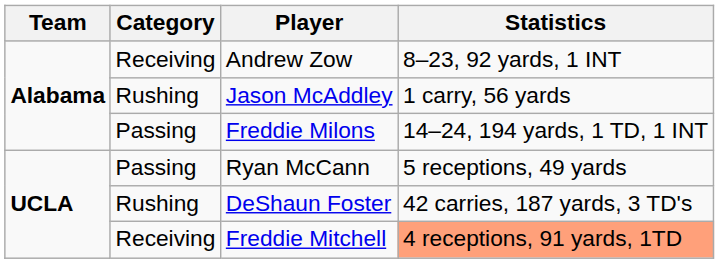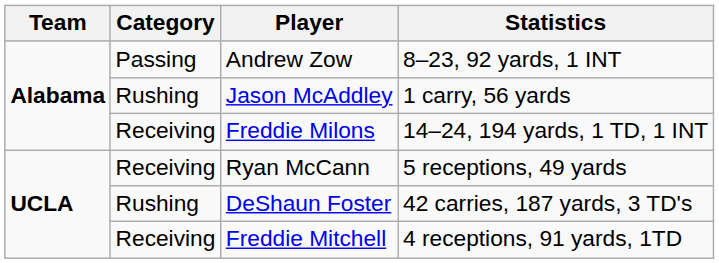 <table class="wikitable" style="float: right;">
 <tr>
 <th>Team</th>
 <th>Category</th>
 <th>Player</th>
 <th>Statistics</th>
 </tr>
 <tr>
 <td rowspan=3><strong>Alabama</strong></td>
-<td>Receiving</td>
+<td>Passing</td>
 <td>Andrew Zow</td>
 <td>8–23, 92 yards, 1 INT</td>
 </tr>
 <tr>
 <td>Rushing</td>
 <td><a href='#'>Jason McAddley</a></td>
 <td>1 carry, 56 yards</td>
 </tr>
 <tr>
-<td>Passing</td>
+<td>Receiving</td>
 <td><a href='#'>Freddie Milons</a></td>
 <td>14–24, 194 yards, 1 TD, 1 INT</td>
 </tr>
 <tr>
 <td rowspan=3><strong>UCLA</strong></td>
-<td>Passing</td>
+<td>Receiving</td>
 <td>Ryan McCann</td>
 <td>5 receptions, 49 yards</td>
 </tr>
 <tr>
 <td>Rushing</td>
 <td><a href='#'>DeShaun Foster</a></td>
 <td>42 carries, 187 yards, 3 TD's</td>
 </tr>
 <tr>
 <td>Receiving</td>
 <td><a href='#'>Freddie Mitchell</a></td>
-<td style="background: lightsalmon;">4 receptions, 91 yards, 1TD</td>
+<td>4 receptions, 91 yards, 1TD</td>
 </tr>
 </table>
